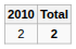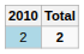 <table class="wikitable" style="text-align:center">
 <tr>
 <th>2010</th>
 <th>Total</th>
 </tr>
 <tr>
-<td>2</td>
+<td style="background: lightblue;">2</td>
 <td><strong>2</strong></td>
 </tr>
 </table>
